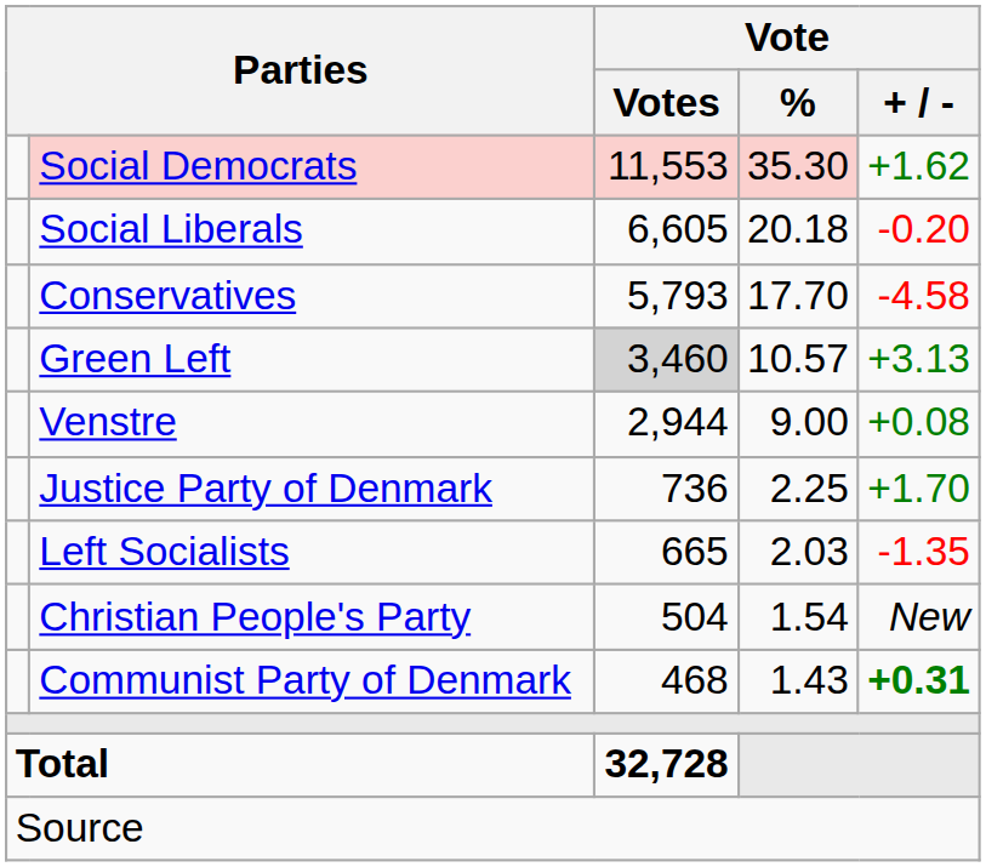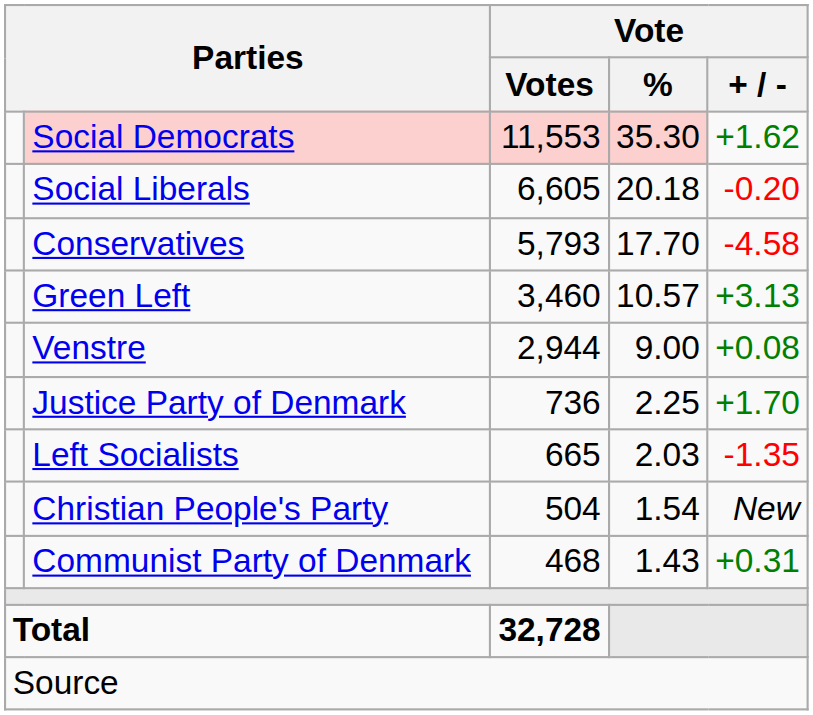 <table class="wikitable" style="text-align:right;">
 <tr>
 <th style="text-align:centre;" rowspan="2" colspan="2" width="225">Parties</th>
 <th colspan="3">Vote</th>
 </tr>
 <tr>
 <th width="15">Votes</th>
 <th width="15">%</th>
 <th width="15">+ / -</th>
 </tr>
 <tr>
 <td width="2" style="color:inherit;background:"></td>
 <td bgcolor=#fbd0ce  align="left"><a href='#'>Social Democrats</a></td>
 <td bgcolor=#fbd0ce>11,553</td>
 <td bgcolor=#fbd0ce>35.30</td>
 <td style=color:green;>+1.62</td>
 </tr>
 <tr>
 <td width="2" style="color:inherit;background:"></td>
 <td align="left"><a href='#'>Social Liberals</a></td>
 <td>6,605</td>
 <td>20.18</td>
 <td style=color:red;>-0.20</td>
 </tr>
 <tr>
 <td width="2" style="color:inherit;background:"></td>
 <td align="left"><a href='#'>Conservatives</a></td>
 <td>5,793</td>
 <td>17.70</td>
 <td style=color:red;>-4.58</td>
 </tr>
 <tr>
 <td width="2" style="color:inherit;background:"></td>
 <td align="left"><a href='#'>Green Left</a></td>
-<td style="background: lightgrey;">3,460</td>
+<td>3,460</td>
 <td>10.57</td>
 <td style=color:green;>+3.13</td>
 </tr>
 <tr>
 <td width="2" style="color:inherit;background:"></td>
 <td align="left"><a href='#'>Venstre</a></td>
 <td>2,944</td>
 <td>9.00</td>
 <td style=color:green;>+0.08</td>
 </tr>
 <tr>
 <td width="2" style="color:inherit;background:"></td>
 <td align="left"><a href='#'>Justice Party of Denmark</a></td>
 <td>736</td>
 <td>2.25</td>
 <td style=color:green;>+1.70</td>
 </tr>
 <tr>
 <td width="2" style="color:inherit;background:"></td>
 <td align="left"><a href='#'>Left Socialists</a></td>
 <td>665</td>
 <td>2.03</td>
 <td style=color:red;>-1.35</td>
 </tr>
 <tr>
 <td width="2" style="color:inherit;background:"></td>
 <td align="left"><a href='#'>Christian People's Party</a></td>
 <td>504</td>
 <td>1.54</td>
 <td><em>New</em></td>
 </tr>
 <tr>
 <td width="2" style="color:inherit;background:"></td>
 <td align="left"><a href='#'>Communist Party of Denmark</a></td>
 <td>468</td>
 <td>1.43</td>
-<td style=color:green;><strong>+0.31</strong></td>
+<td style=color:green;>+0.31</td>
 </tr>
 <tr>
 <td colspan="7" bgcolor="#E9E9E9"></td>
 </tr>
 <tr>
 <td align="left" colspan="2"><strong>Total</strong></td>
 <td><strong>32,728</strong></td>
 <td bgcolor="#E9E9E9" colspan="2"></td>
 </tr>
 <tr>
 <td align="left" colspan="6">Source</td>
 </tr>
 </table>
